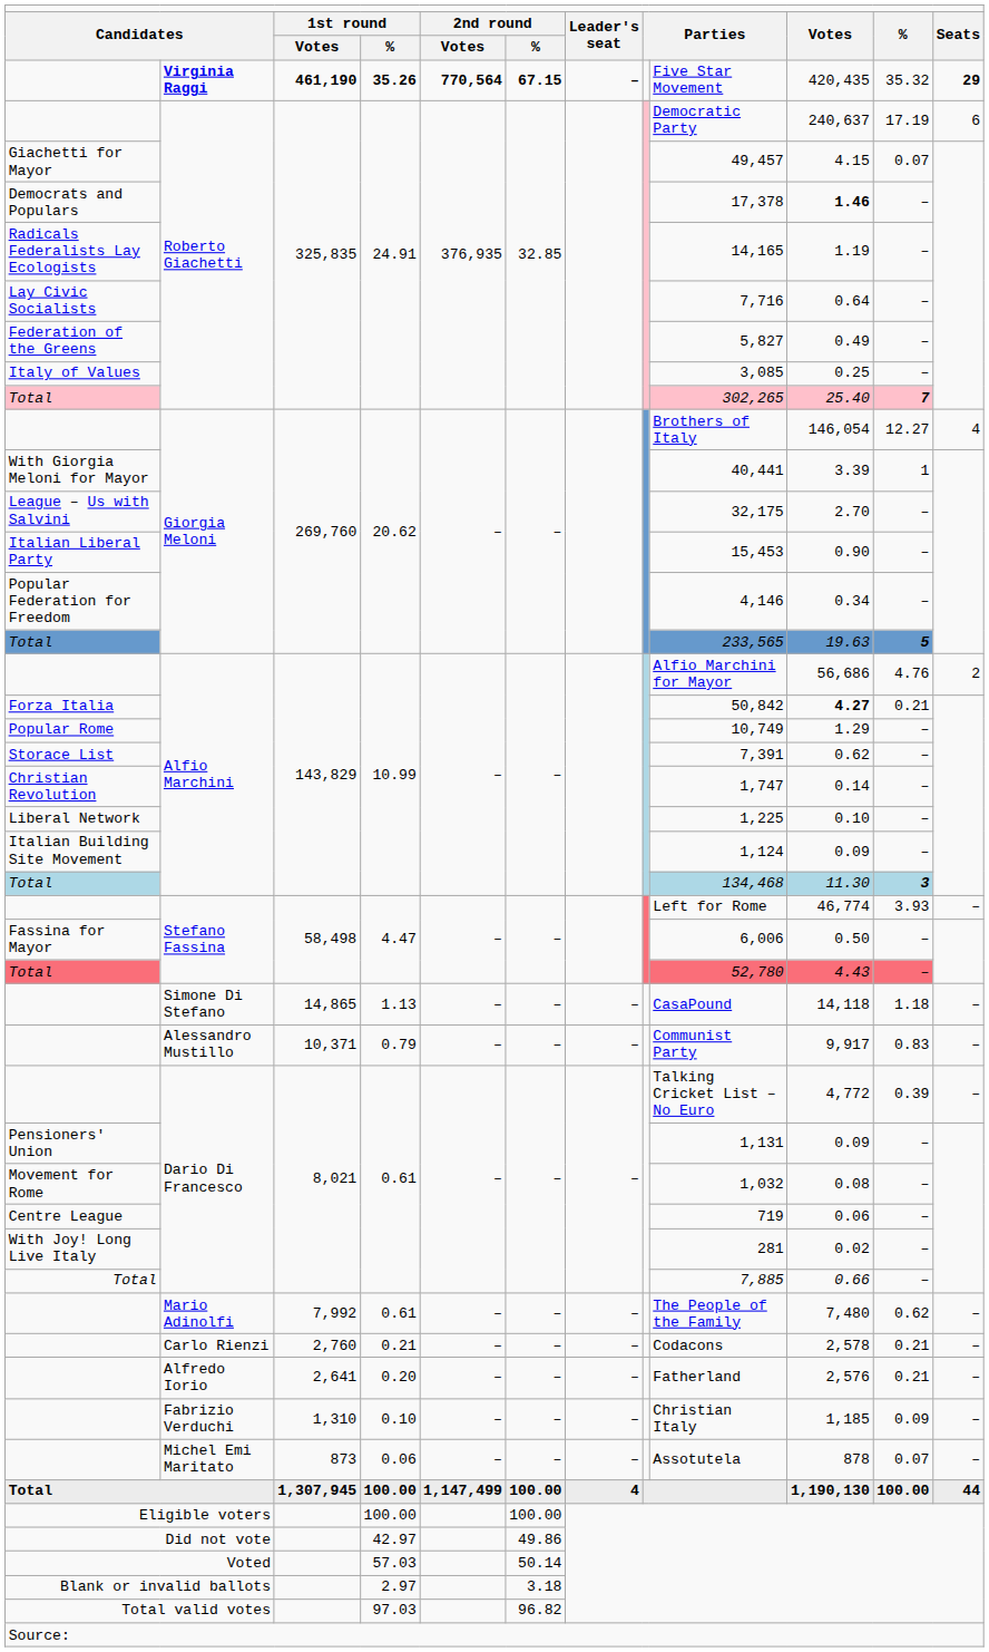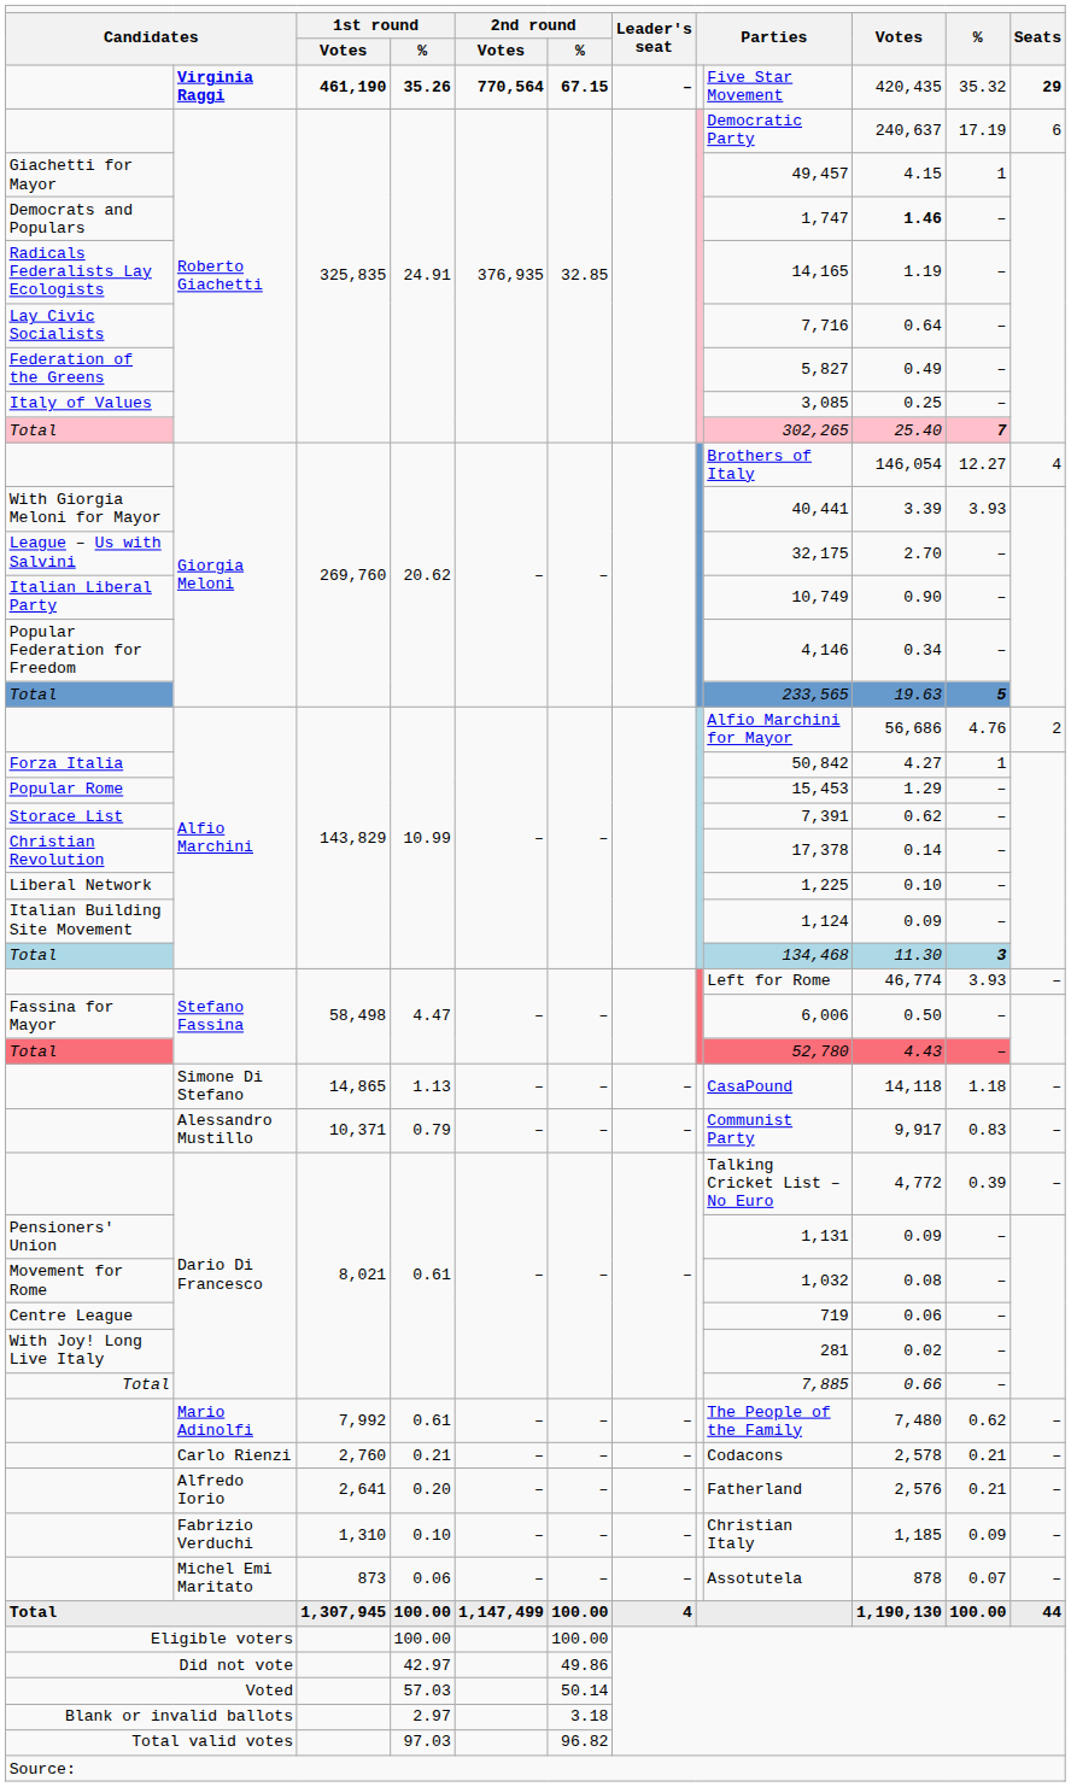 <table class="wikitable" style="text-align:right;">
 <tr>
 <td colspan="12"></td>
 </tr>
 <tr>
 <th rowspan=2 colspan="2">Candidates</th>
 <th colspan=2>1st round</th>
 <th colspan=2>2nd round</th>
 <th rowspan=2>Leader's<br>seat</th>
 <th rowspan=2 colspan=2>Parties</th>
 <th rowspan=2>Votes</th>
 <th rowspan=2>%</th>
 <th rowspan=2>Seats</th>
 </tr>
 <tr>
 <th>Votes</th>
 <th>%</th>
 <th>Votes</th>
 <th>%</th>
 </tr>
 <tr>
 <td></td>
 <td style="text-align:left;"><strong><a href='#'>Virginia Raggi</a></strong></td>
 <td><strong>461,190</strong></td>
 <td><strong>35.26</strong></td>
 <td><strong>770,564</strong></td>
 <td><strong>67.15</strong></td>
 <td><strong>–</strong></td>
 <td></td>
 <td style="text-align:left;"><a href='#'>Five Star Movement</a></td>
 <td>420,435</td>
 <td>35.32</td>
 <td><strong>29</strong></td>
 </tr>
 <tr>
 <td></td>
 <td rowspan=8 style="text-align:left;"><a href='#'>Roberto Giachetti</a></td>
 <td rowspan=8>325,835</td>
 <td rowspan=8>24.91</td>
 <td rowspan=8>376,935</td>
 <td rowspan=8>32.85</td>
 <td rowspan=8></td>
 <td rowspan=8 bgcolor=pink></td>
 <td style="text-align:left;"><a href='#'>Democratic Party</a></td>
 <td>240,637</td>
 <td>17.19</td>
 <td>6</td>
 </tr>
 <tr>
 <td style="text-align:left;">Giachetti for Mayor</td>
 <td>49,457</td>
 <td>4.15</td>
-<td>0.07</td>
+<td>1</td>
 </tr>
 <tr>
 <td style="text-align:left;">Democrats and Populars</td>
-<td>17,378</td>
+<td>1,747</td>
 <td><strong>1.46</strong></td>
 <td>–</td>
 </tr>
 <tr>
 <td style="text-align:left;"><a href='#'>Radicals Federalists Lay Ecologists</a></td>
 <td>14,165</td>
 <td>1.19</td>
 <td>–</td>
 </tr>
 <tr>
 <td style="text-align:left;"><a href='#'>Lay Civic Socialists</a></td>
 <td>7,716</td>
 <td>0.64</td>
 <td>–</td>
 </tr>
 <tr>
 <td style="text-align:left;"><a href='#'>Federation of the Greens</a></td>
 <td>5,827</td>
 <td>0.49</td>
 <td>–</td>
 </tr>
 <tr>
 <td style="text-align:left;"><a href='#'>Italy of Values</a></td>
 <td>3,085</td>
 <td>0.25</td>
 <td>–</td>
 </tr>
 <tr>
 <td bgcolor=pink align=left><em>Total</em></td>
 <td bgcolor=pink align=right><em>302,265</em></td>
 <td bgcolor=pink align=right><em>25.40</em></td>
 <td bgcolor=pink align=right><strong><em>7</em></strong></td>
 </tr>
 <tr>
 <td></td>
 <td rowspan=6 style="text-align:left;"><a href='#'>Giorgia Meloni</a></td>
 <td rowspan=6>269,760</td>
 <td rowspan=6>20.62</td>
 <td rowspan=6>–</td>
 <td rowspan=6>–</td>
 <td rowspan=6></td>
 <td rowspan=6  bgcolor=#6699CC></td>
 <td style="text-align:left;"><a href='#'>Brothers of Italy</a></td>
 <td>146,054</td>
 <td>12.27</td>
 <td>4</td>
 </tr>
 <tr>
 <td style="text-align:left;">With Giorgia Meloni for Mayor</td>
 <td>40,441</td>
 <td>3.39</td>
-<td>1</td>
+<td>3.93</td>
 </tr>
 <tr>
 <td style="text-align:left;"><a href='#'>League</a> – <a href='#'>Us with Salvini</a></td>
 <td>32,175</td>
 <td>2.70</td>
 <td>–</td>
 </tr>
 <tr>
 <td style="text-align:left;"><a href='#'>Italian Liberal Party</a></td>
-<td>15,453</td>
+<td>10,749</td>
 <td>0.90</td>
 <td>–</td>
 </tr>
 <tr>
 <td style="text-align:left;">Popular Federation for Freedom</td>
 <td>4,146</td>
 <td>0.34</td>
 <td>–</td>
 </tr>
 <tr>
 <td bgcolor=#6699CC align=left><em>Total</em></td>
 <td bgcolor=#6699CC align=right><em>233,565</em></td>
 <td bgcolor=#6699CC align=right><em>19.63</em></td>
 <td bgcolor=#6699CC align=right><strong><em>5</em></strong></td>
 </tr>
 <tr>
 <td></td>
 <td rowspan=8 style="text-align:left;"><a href='#'>Alfio Marchini</a></td>
 <td rowspan=8>143,829</td>
 <td rowspan=8>10.99</td>
 <td rowspan=8>–</td>
 <td rowspan=8>–</td>
 <td rowspan=8></td>
 <td rowspan=8 bgcolor=lightblue></td>
 <td style="text-align:left;"><a href='#'>Alfio Marchini for Mayor</a></td>
 <td>56,686</td>
 <td>4.76</td>
 <td>2</td>
 </tr>
 <tr>
 <td style="text-align:left;"><a href='#'>Forza Italia</a></td>
 <td>50,842</td>
-<td><strong>4.27</strong></td>
-<td>0.21</td>
+<td>4.27</td>
+<td>1</td>
 </tr>
 <tr>
 <td style="text-align:left;"><a href='#'>Popular Rome</a></td>
-<td>10,749</td>
+<td>15,453</td>
 <td>1.29</td>
 <td>–</td>
 </tr>
 <tr>
 <td style="text-align:left;"><a href='#'>Storace List</a></td>
 <td>7,391</td>
 <td>0.62</td>
 <td>–</td>
 </tr>
 <tr>
 <td style="text-align:left;"><a href='#'>Christian Revolution</a></td>
-<td>1,747</td>
+<td>17,378</td>
 <td>0.14</td>
 <td>–</td>
 </tr>
 <tr>
 <td style="text-align:left;">Liberal Network</td>
 <td>1,225</td>
 <td>0.10</td>
 <td>–</td>
 </tr>
 <tr>
 <td style="text-align:left;">Italian Building Site Movement</td>
 <td>1,124</td>
 <td>0.09</td>
 <td>–</td>
 </tr>
 <tr>
 <td bgcolor=lightblue align=left><em>Total</em></td>
 <td bgcolor=lightblue align=right><em>134,468</em></td>
 <td bgcolor=lightblue align=right><em>11.30</em></td>
 <td bgcolor=lightblue align=right><strong><em>3</em></strong></td>
 </tr>
 <tr>
 <td></td>
 <td rowspan=3 style="text-align:left;"><a href='#'>Stefano Fassina</a></td>
 <td rowspan=3>58,498</td>
 <td rowspan=3>4.47</td>
 <td rowspan=3>–</td>
 <td rowspan=3>–</td>
 <td rowspan=3></td>
 <td rowspan=3 bgcolor=#FA6E79></td>
 <td style="text-align:left;">Left for Rome</td>
 <td>46,774</td>
 <td>3.93</td>
 <td>–</td>
 </tr>
 <tr>
 <td style="text-align:left;">Fassina for Mayor</td>
 <td>6,006</td>
 <td>0.50</td>
 <td>–</td>
 </tr>
 <tr>
 <td bgcolor=#FA6E79 align=left><em>Total</em></td>
 <td bgcolor=#FA6E79 align=right><em>52,780</em></td>
 <td bgcolor=#FA6E79 align=right><em>4.43</em></td>
 <td bgcolor=#FA6E79 align=right>–</td>
 </tr>
 <tr>
 <td></td>
 <td style="text-align:left;">Simone Di Stefano</td>
 <td>14,865</td>
 <td>1.13</td>
 <td>–</td>
 <td>–</td>
 <td>–</td>
 <td></td>
 <td style="text-align:left;"><a href='#'>CasaPound</a></td>
 <td>14,118</td>
 <td>1.18</td>
 <td>–</td>
 </tr>
 <tr>
 <td></td>
 <td style="text-align:left;">Alessandro Mustillo</td>
 <td>10,371</td>
 <td>0.79</td>
 <td>–</td>
 <td>–</td>
 <td>–</td>
 <td></td>
 <td style="text-align:left;"><a href='#'>Communist Party</a></td>
 <td>9,917</td>
 <td>0.83</td>
 <td>–</td>
 </tr>
 <tr>
 <td></td>
 <td rowspan=6 style="text-align:left;">Dario Di Francesco</td>
 <td rowspan=6>8,021</td>
 <td rowspan=6>0.61</td>
 <td rowspan=6>–</td>
 <td rowspan=6>–</td>
 <td rowspan=6>–</td>
 <td rowspan=6 bgcolor=></td>
 <td style="text-align:left;">Talking Cricket List – <a href='#'>No Euro</a></td>
 <td>4,772</td>
 <td>0.39</td>
 <td>–</td>
 </tr>
 <tr>
 <td style="text-align:left;">Pensioners' Union</td>
 <td>1,131</td>
 <td>0.09</td>
 <td>–</td>
 </tr>
 <tr>
 <td style="text-align:left;">Movement for Rome</td>
 <td>1,032</td>
 <td>0.08</td>
 <td>–</td>
 </tr>
 <tr>
 <td style="text-align:left;">Centre League</td>
 <td>719</td>
 <td>0.06</td>
 <td>–</td>
 </tr>
 <tr>
 <td style="text-align:left;">With Joy! Long Live Italy</td>
 <td>281</td>
 <td>0.02</td>
 <td>–</td>
 </tr>
 <tr>
 <td bgcolor=><em>Total</em></td>
 <td bgcolor=><em>7,885</em></td>
 <td bgcolor=><em>0.66</em></td>
 <td bgcolor=>–</td>
 </tr>
 <tr>
 <td></td>
 <td style="text-align:left;"><a href='#'>Mario Adinolfi</a></td>
 <td>7,992</td>
 <td>0.61</td>
 <td>–</td>
 <td>–</td>
 <td>–</td>
 <td></td>
 <td style="text-align:left;"><a href='#'>The People of the Family</a></td>
 <td>7,480</td>
 <td>0.62</td>
 <td>–</td>
 </tr>
 <tr>
 <td></td>
 <td style="text-align:left;">Carlo Rienzi</td>
 <td>2,760</td>
 <td>0.21</td>
 <td>–</td>
 <td>–</td>
 <td>–</td>
 <td></td>
 <td style="text-align:left;">Codacons</td>
 <td>2,578</td>
 <td>0.21</td>
 <td>–</td>
 </tr>
 <tr>
 <td></td>
 <td style="text-align:left;">Alfredo Iorio</td>
 <td>2,641</td>
 <td>0.20</td>
 <td>–</td>
 <td>–</td>
 <td>–</td>
 <td></td>
 <td style="text-align:left;">Fatherland</td>
 <td>2,576</td>
 <td>0.21</td>
 <td>–</td>
 </tr>
 <tr>
 <td></td>
 <td style="text-align:left;">Fabrizio Verduchi</td>
 <td>1,310</td>
 <td>0.10</td>
 <td>–</td>
 <td>–</td>
 <td>–</td>
 <td></td>
 <td style="text-align:left;">Christian Italy</td>
 <td>1,185</td>
 <td>0.09</td>
 <td>–</td>
 </tr>
 <tr>
 <td></td>
 <td style="text-align:left;">Michel Emi Maritato</td>
 <td>873</td>
 <td>0.06</td>
 <td>–</td>
 <td>–</td>
 <td>–</td>
 <td></td>
 <td style="text-align:left;">Assotutela</td>
 <td>878</td>
 <td>0.07</td>
 <td>–</td>
 </tr>
 <tr bgcolor=ececec>
 <td colspan="2" style="text-align:left;"><strong>Total</strong></td>
 <td><strong>1,307,945</strong></td>
 <td><strong>100.00</strong></td>
 <td><strong>1,147,499</strong></td>
 <td><strong>100.00</strong></td>
 <td><strong>4</strong></td>
 <td colspan=2></td>
 <td><strong>1,190,130</strong></td>
 <td><strong>100.00</strong></td>
 <td><strong>44</strong></td>
 </tr>
 <tr>
 <td colspan=2>Eligible voters</td>
 <td style="text-align: right"></td>
 <td style="text-align: right">100.00</td>
 <td style="text-align: right"></td>
 <td style="text-align: right">100.00</td>
 <td rowspan=5 colspan=6></td>
 </tr>
 <tr>
 <td colspan=2>Did not vote</td>
 <td style="text-align: right"></td>
 <td style="text-align: right">42.97</td>
 <td style="text-align: right"></td>
 <td style="text-align: right">49.86</td>
 </tr>
 <tr>
 <td colspan=2>Voted</td>
 <td style="text-align: right"></td>
 <td style="text-align: right">57.03</td>
 <td style="text-align: right"></td>
 <td style="text-align: right">50.14</td>
 </tr>
 <tr>
 <td colspan=2>Blank or invalid ballots</td>
 <td style="text-align: right"></td>
 <td style="text-align: right">2.97</td>
 <td style="text-align: right"></td>
 <td style="text-align: right">3.18</td>
 </tr>
 <tr>
 <td colspan=2>Total valid votes</td>
 <td style="text-align: right"></td>
 <td style="text-align: right">97.03</td>
 <td style="text-align: right"></td>
 <td style="text-align: right">96.82</td>
 </tr>
 <tr>
 <td style="text-align:left;" colspan="12">Source: </td>
 </tr>
 </table>
